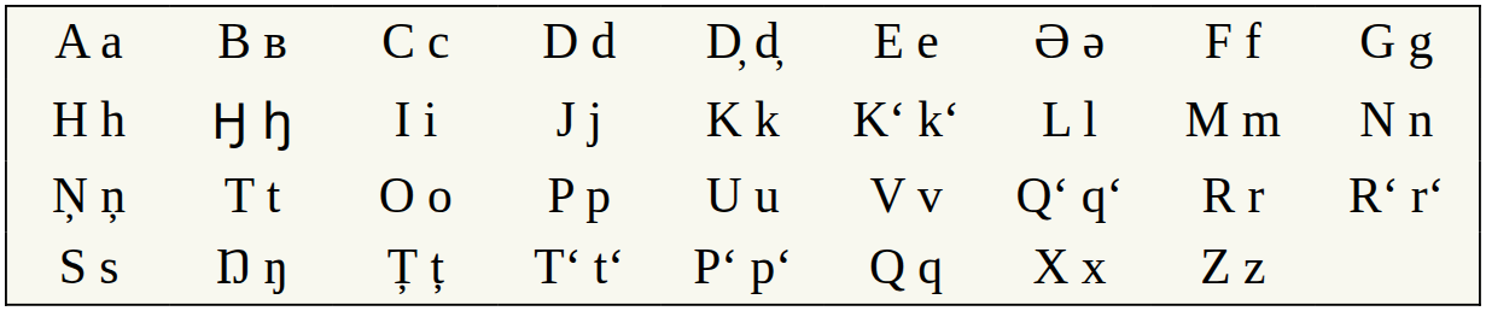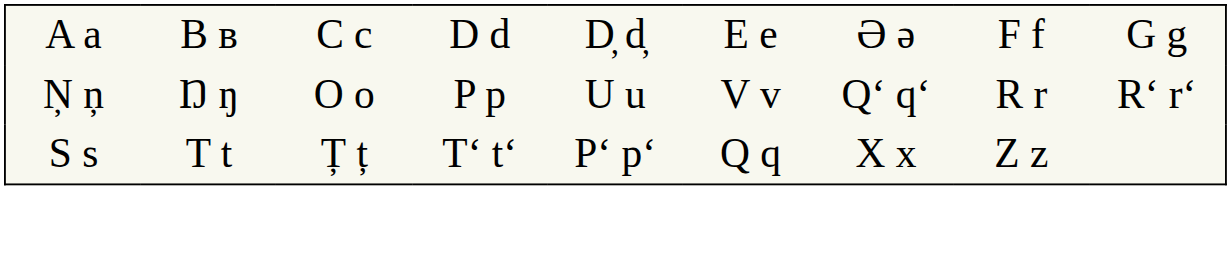 <table style="font-family:Arial Unicode MS; font-size:1.4em; border-color:#000000; border-width:1px; border-style:solid; border-collapse:collapse; background-color:#F8F8EF">
 <tr>
 <td style="width:3em; text-align:center; padding: 3px;">A a</td>
 <td style="width:3em; text-align:center; padding: 3px;">B в</td>
 <td style="width:3em; text-align:center; padding: 3px;">C c</td>
 <td style="width:3em; text-align:center; padding: 3px;">D d</td>
 <td style="width:3em; text-align:center; padding: 3px;">D̦ d̦</td>
 <td style="width:3em; text-align:center; padding: 3px;">E e</td>
 <td style="width:3em; text-align:center; padding: 3px;">Ə ə</td>
 <td style="width:3em; text-align:center; padding: 3px;">F f</td>
 <td style="width:3em; text-align:center; padding: 3px;">G g</td>
 </tr>
 <tr>
-<td style="width:3em; text-align:center; padding: 3px;">H h</td>
-<td style="width:3em; text-align:center; padding: 3px;">Ꜧ ꜧ</td>
-<td style="width:3em; text-align:center; padding: 3px;">I i</td>
-<td style="width:3em; text-align:center; padding: 3px;">J j</td>
-<td style="width:3em; text-align:center; padding: 3px;">K k</td>
-<td style="width:3em; text-align:center; padding: 3px;">Kʻ kʻ</td>
-<td style="width:3em; text-align:center; padding: 3px;">L l</td>
-<td style="width:3em; text-align:center; padding: 3px;">M m</td>
-<td style="width:3em; text-align:center; padding: 3px;">N n</td>
-</tr>
-<tr>
 <td style="width:3em; text-align:center; padding: 3px;">Ņ ņ</td>
-<td style="width:3em; text-align:center; padding: 3px;">T t</td>
+<td style="width:3em; text-align:center; padding: 3px;">Ŋ ŋ</td>
 <td style="width:3em; text-align:center; padding: 3px;">O o</td>
 <td style="width:3em; text-align:center; padding: 3px;">P p</td>
 <td style="width:3em; text-align:center; padding: 3px;">U u</td>
 <td style="width:3em; text-align:center; padding: 3px;">V v</td>
 <td style="width:3em; text-align:center; padding: 3px;">Qʻ qʻ</td>
 <td style="width:3em; text-align:center; padding: 3px;">R r</td>
 <td style="width:3em; text-align:center; padding: 3px;">Rʻ rʻ</td>
 </tr>
 <tr>
 <td style="width:3em; text-align:center; padding: 3px;">S s</td>
-<td style="width:3em; text-align:center; padding: 3px;">Ŋ ŋ</td>
+<td style="width:3em; text-align:center; padding: 3px;">T t</td>
 <td style="width:3em; text-align:center; padding: 3px;">Ț ț</td>
 <td style="width:3em; text-align:center; padding: 3px;">Tʻ tʻ</td>
 <td style="width:3em; text-align:center; padding: 3px;">Pʻ pʻ</td>
 <td style="width:3em; text-align:center; padding: 3px;">Q q</td>
 <td style="width:3em; text-align:center; padding: 3px;">X x</td>
 <td style="width:3em; text-align:center; padding: 3px;">Z z</td>
 </tr>
 </table>
